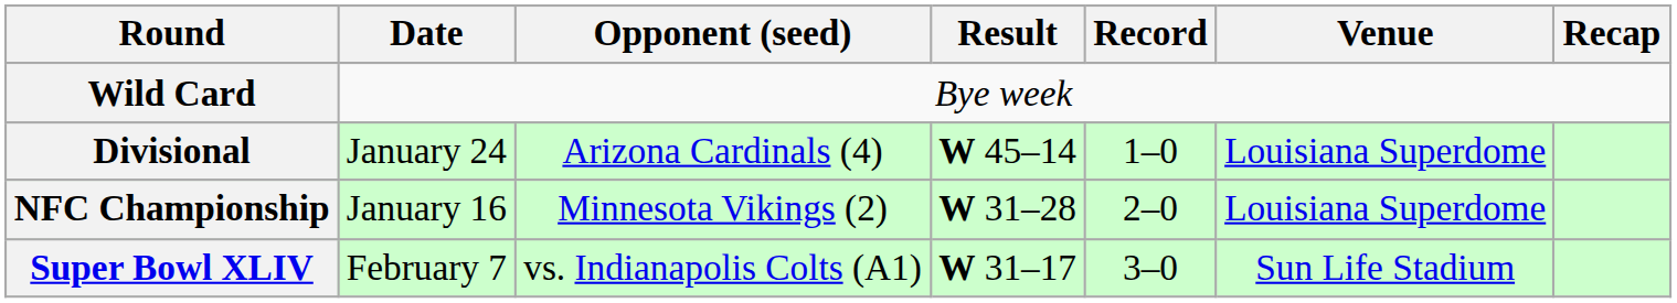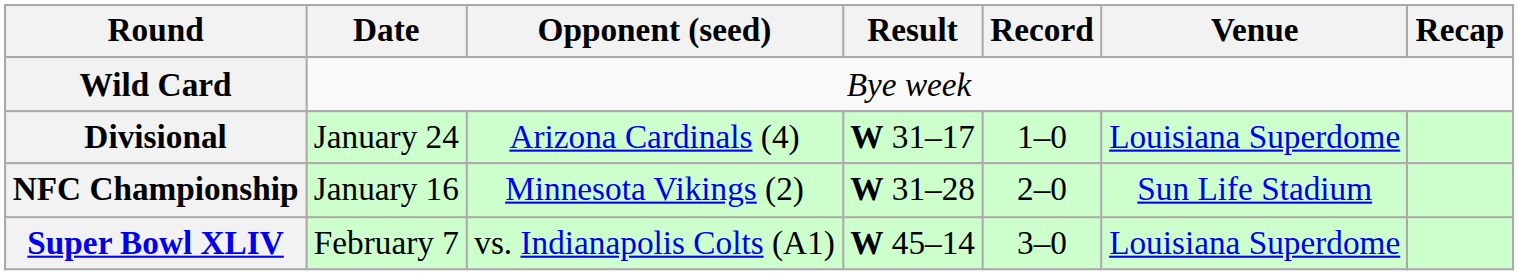 <table class="wikitable" style="text-align:center">
 <tr>
 <th>Round</th>
 <th>Date</th>
 <th>Opponent (seed)</th>
 <th>Result</th>
 <th>Record</th>
 <th>Venue</th>
 <th>Recap</th>
 </tr>
 <tr>
 <th>Wild Card</th>
 <td colspan="8"><em>Bye week</em></td>
 </tr>
 <tr style="background:#cfc;">
 <th>Divisional</th>
 <td>January 24</td>
 <td><a href='#'>Arizona Cardinals</a> (4)</td>
-<td><strong>W</strong> 45–14</td>
+<td><strong>W</strong> 31–17</td>
 <td>1–0</td>
 <td><a href='#'>Louisiana Superdome</a></td>
 <td></td>
 </tr>
 <tr style="background:#cfc;">
 <th>NFC Championship</th>
 <td>January 16</td>
 <td><a href='#'>Minnesota Vikings</a> (2)</td>
 <td><strong>W</strong> 31–28  </td>
 <td>2–0</td>
-<td><a href='#'>Louisiana Superdome</a></td>
+<td><a href='#'>Sun Life Stadium</a></td>
 <td></td>
 </tr>
 <tr style="background:#cfc;">
 <th><a href='#'>Super Bowl XLIV</a></th>
 <td>February 7</td>
 <td>vs. <a href='#'>Indianapolis Colts</a> (A1)</td>
-<td><strong>W</strong> 31–17</td>
+<td><strong>W</strong> 45–14</td>
 <td>3–0</td>
-<td><a href='#'>Sun Life Stadium</a></td>
+<td><a href='#'>Louisiana Superdome</a></td>
 <td></td>
 </tr>
 </table>
